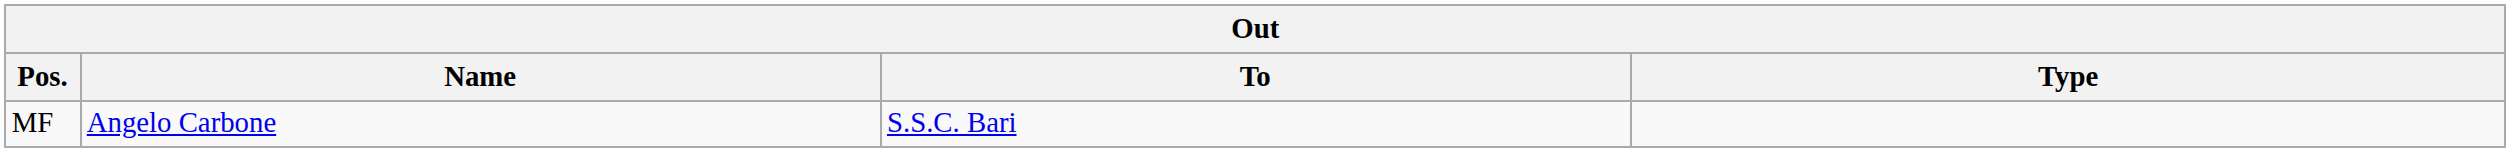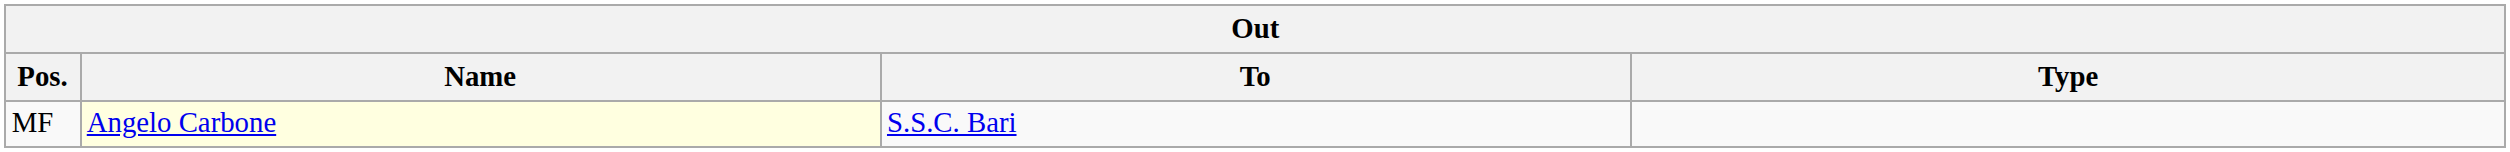 <table class="wikitable" style="font-size:90%;width:99%;">
 <tr>
 <th colspan="4">Out</th>
 </tr>
 <tr>
 <th width=3%>Pos.</th>
 <th width=32%>Name</th>
 <th width=30%>To</th>
 <th width=35%>Type</th>
 </tr>
 <tr>
 <td>MF</td>
-<td><a href='#'>Angelo Carbone</a></td>
+<td style="background: lightyellow;"><a href='#'>Angelo Carbone</a></td>
 <td><a href='#'>S.S.C. Bari</a></td>
 <td></td>
 </tr>
 <tr>
 </tr>
 </table>
